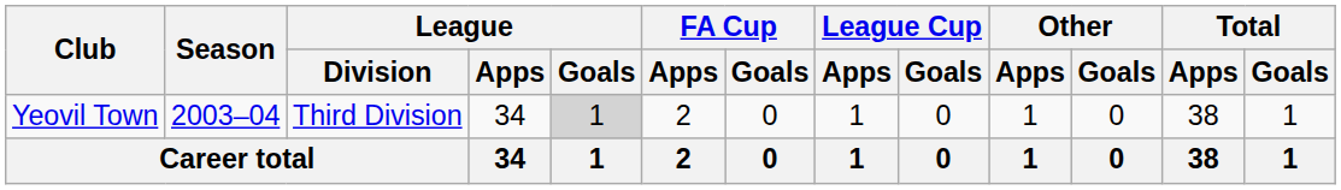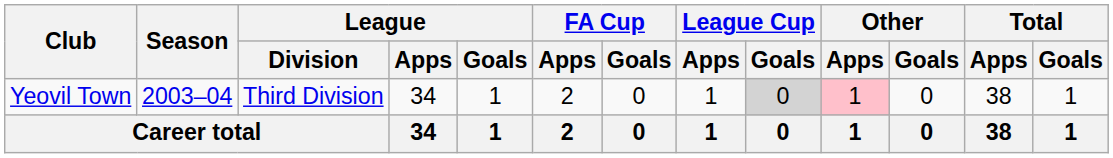 <table class=wikitable style="text-align: center">
 <tr>
 <th rowspan=2>Club</th>
 <th rowspan=2>Season</th>
 <th colspan=3>League</th>
 <th colspan=2><a href='#'>FA Cup</a></th>
 <th colspan=2><a href='#'>League Cup</a></th>
 <th colspan=2>Other</th>
 <th colspan=2>Total</th>
 </tr>
 <tr>
 <th>Division</th>
 <th>Apps</th>
 <th>Goals</th>
 <th>Apps</th>
 <th>Goals</th>
 <th>Apps</th>
 <th>Goals</th>
 <th>Apps</th>
 <th>Goals</th>
 <th>Apps</th>
 <th>Goals</th>
 </tr>
 <tr>
 <td><a href='#'>Yeovil Town</a></td>
 <td><a href='#'>2003–04</a></td>
 <td><a href='#'>Third Division</a></td>
 <td>34</td>
-<td style="background: lightgrey;">1</td>
+<td>1</td>
 <td>2</td>
 <td>0</td>
 <td>1</td>
-<td>0</td>
-<td>1</td>
+<td style="background: lightgrey;">0</td>
+<td style="background: pink;">1</td>
 <td>0</td>
 <td>38</td>
 <td>1</td>
 </tr>
 <tr>
 <th colspan=3>Career total</th>
 <th>34</th>
 <th>1</th>
 <th>2</th>
 <th>0</th>
 <th>1</th>
 <th>0</th>
 <th>1</th>
 <th>0</th>
 <th>38</th>
 <th>1</th>
 </tr>
 </table>
